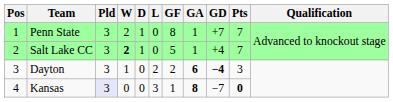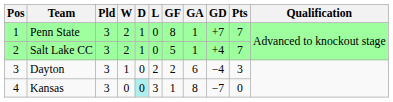 <table class="wikitable" style="text-align:center">
 <tr>
 <th>Pos</th>
 <th>Team</th>
 <th>Pld</th>
 <th>W</th>
 <th>D</th>
 <th>L</th>
 <th>GF</th>
 <th>GA</th>
 <th>GD</th>
 <th>Pts</th>
 <th>Qualification</th>
 </tr>
 <tr bgcolor="#9eff9e">
 <td>1</td>
 <td style="text-align:left">Penn State</td>
 <td>3</td>
 <td>2</td>
 <td>1</td>
 <td>0</td>
 <td>8</td>
 <td>1</td>
 <td>+7</td>
 <td>7</td>
 <td rowspan="2">Advanced to knockout stage</td>
 </tr>
 <tr bgcolor="#9eff9e">
 <td>2</td>
 <td style="text-align:left">Salt Lake CC</td>
 <td>3</td>
-<td><strong>2</strong></td>
+<td>2</td>
 <td>1</td>
 <td>0</td>
 <td>5</td>
 <td>1</td>
 <td>+4</td>
 <td>7</td>
 </tr>
 <tr>
 <td>3</td>
 <td style="text-align:left">Dayton</td>
 <td>3</td>
 <td>1</td>
 <td>0</td>
 <td>2</td>
 <td>2</td>
-<td><strong>6</strong></td>
-<td><strong>−4</strong></td>
+<td>6</td>
+<td>−4</td>
 <td>3</td>
 <td rowspan="2"></td>
 </tr>
 <tr>
 <td>4</td>
 <td style="text-align:left">Kansas</td>
-<td style="background: lavender;">3</td>
+<td>3</td>
 <td>0</td>
-<td>0</td>
+<td style="background: paleturquoise;">0</td>
 <td>3</td>
 <td>1</td>
-<td><strong>8</strong></td>
+<td>8</td>
 <td>−7</td>
-<td><strong>0</strong></td>
+<td>0</td>
 </tr>
 </table>
